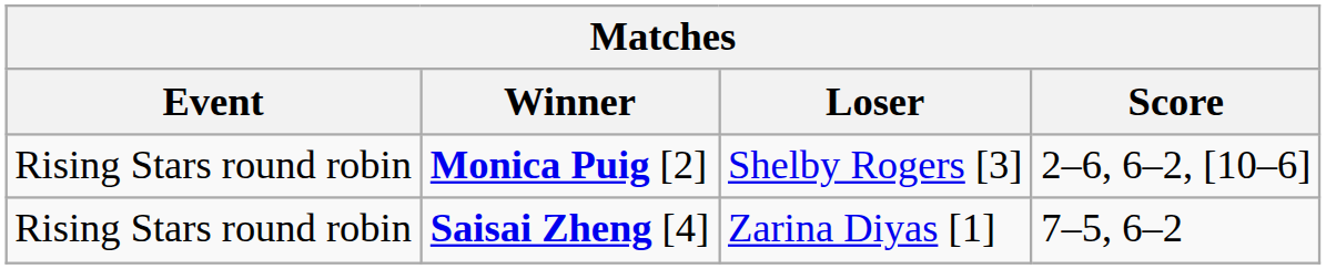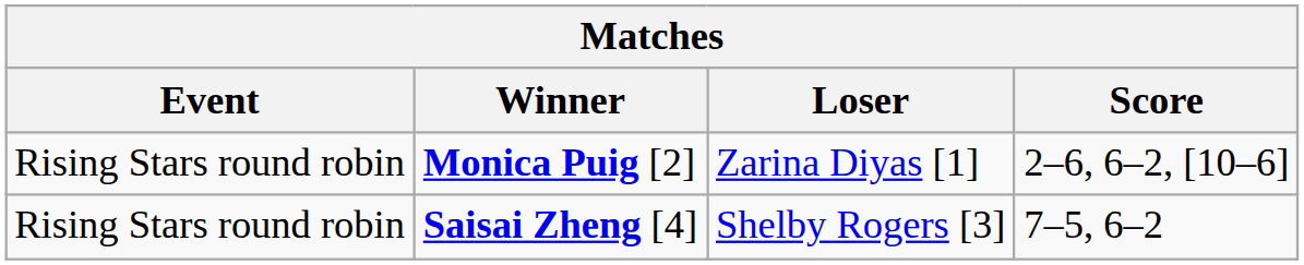 <table class="wikitable collapsible uncollapsed" style="margin:1em auto;">
 <tr>
 <th colspan=4>Matches</th>
 </tr>
 <tr>
 <th>Event</th>
 <th>Winner</th>
 <th>Loser</th>
 <th>Score</th>
 </tr>
 <tr align=left>
 <td>Rising Stars round robin</td>
 <td> <strong><a href='#'>Monica Puig</a></strong> [2]</td>
-<td> <a href='#'>Shelby Rogers</a> [3]</td>
+<td> <a href='#'>Zarina Diyas</a> [1]</td>
 <td>2–6, 6–2, [10–6]</td>
 </tr>
 <tr align=left>
 <td>Rising Stars round robin</td>
 <td> <strong><a href='#'>Saisai Zheng</a></strong> [4]</td>
-<td> <a href='#'>Zarina Diyas</a> [1]</td>
+<td> <a href='#'>Shelby Rogers</a> [3]</td>
 <td>7–5, 6–2</td>
 </tr>
 </table>
